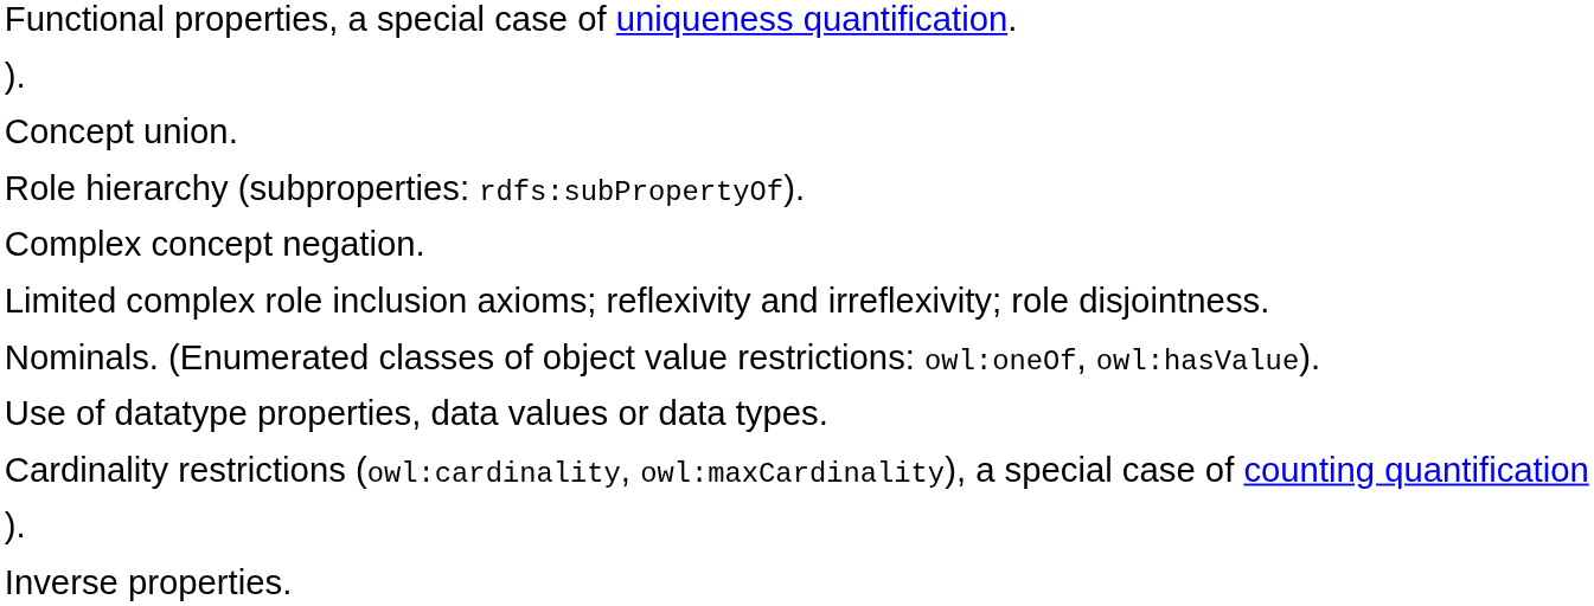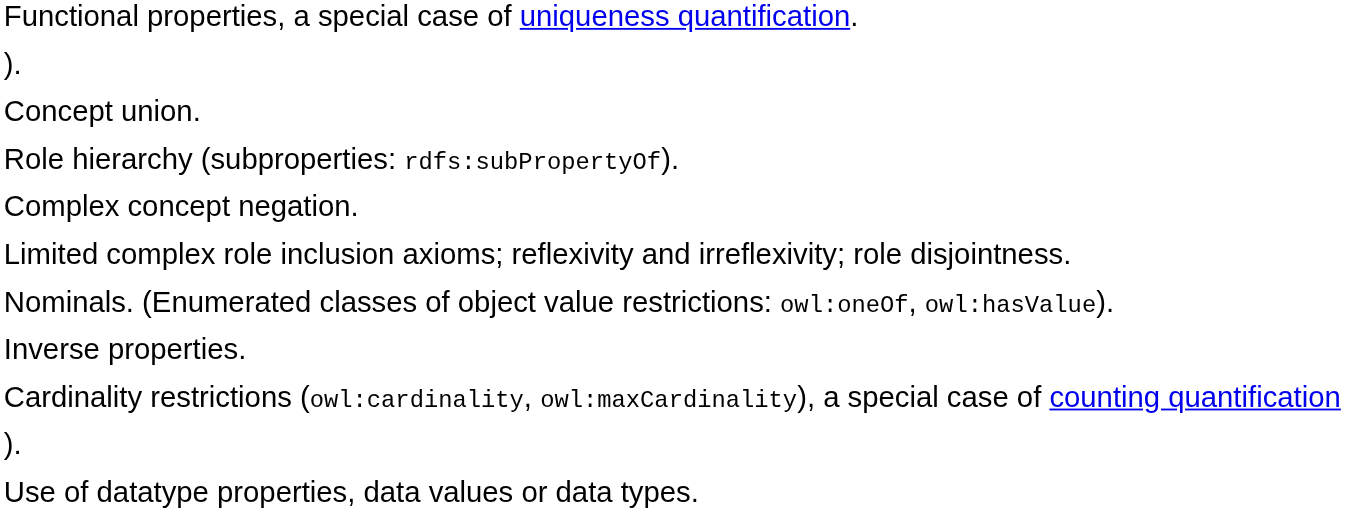 <table>
 <tr>
 <td></td>
 <td>Functional properties, a special case of <a href='#'>uniqueness quantification</a>.</td>
 </tr>
 <tr>
 <td></td>
 <td></td>
 </tr>
 <tr>
 <td></td>
 <td>).</td>
 </tr>
 <tr>
 <td></td>
 <td></td>
 </tr>
 <tr>
 <td></td>
 <td>Concept union.</td>
 </tr>
 <tr>
 <td></td>
 <td></td>
 </tr>
 <tr>
 <td></td>
 <td>Role hierarchy (subproperties: <code>rdfs:subPropertyOf</code>).</td>
 </tr>
 <tr>
 <td></td>
 <td></td>
 </tr>
 <tr>
 <td></td>
 <td>Complex concept negation.</td>
 </tr>
 <tr>
 <td></td>
 <td></td>
 </tr>
 <tr>
 <td></td>
 <td>Limited complex role inclusion axioms; reflexivity and irreflexivity; role disjointness.</td>
 </tr>
 <tr>
 <td></td>
 <td></td>
 </tr>
 <tr>
 <td></td>
 <td>Nominals. (Enumerated classes of object value restrictions: <code>owl:oneOf</code>, <code>owl:hasValue</code>).</td>
 </tr>
 <tr>
 <td></td>
 <td></td>
 </tr>
 <tr>
 <td></td>
-<td>Use of datatype properties, data values or data types.</td>
+<td>Inverse properties.</td>
 </tr>
 <tr>
 <td></td>
 <td></td>
 </tr>
 <tr>
 <td></td>
 <td>Cardinality restrictions (<code>owl:cardinality</code>, <code>owl:maxCardinality</code>), a special case of <a href='#'>counting quantification</a></td>
 </tr>
 <tr>
 <td></td>
 <td></td>
 </tr>
 <tr>
 <td></td>
 <td>).</td>
 </tr>
 <tr>
 <td></td>
 <td></td>
 </tr>
 <tr>
 <td></td>
-<td>Inverse properties.</td>
+<td>Use of datatype properties, data values or data types.</td>
 </tr>
 </table>
